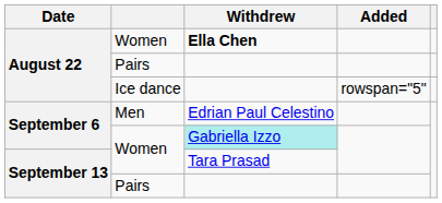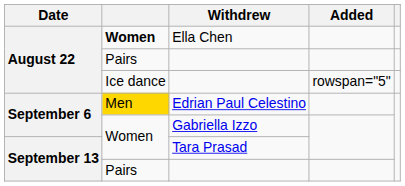 <table class="wikitable unsortable" style="text-align:left;">
 <tr>
 <th scope="col">Date</th>
 <th scope="col"></th>
 <th scope="col">Withdrew</th>
 <th scope="col">Added</th>
 <th scope="col"></th>
 </tr>
 <tr>
 <th rowspan="3" scope="row" style="text-align:left">August 22</th>
-<td>Women</td>
-<td><strong> Ella Chen</strong></td>
+<td><strong>Women</strong></td>
+<td> Ella Chen</td>
 <td></td>
 <td></td>
 </tr>
 <tr>
 <td>Pairs</td>
 <td></td>
 <td></td>
 <td></td>
 </tr>
 <tr>
 <td>Ice dance</td>
 <td></td>
 <td>rowspan="5" </td>
 <td></td>
 </tr>
 <tr>
 <th rowspan="2" scope="row" style="text-align:left">September 6</th>
-<td>Men</td>
+<td style="background: gold;">Men</td>
 <td> <a href='#'>Edrian Paul Celestino</a></td>
 <td></td>
 </tr>
 <tr>
 <td rowspan="2">Women</td>
-<td style="background: paleturquoise;"> <a href='#'>Gabriella Izzo</a></td>
+<td> <a href='#'>Gabriella Izzo</a></td>
 <td rowspan="2"></td>
 </tr>
 <tr>
 <th rowspan="2" scope="row" style="text-align:left">September 13</th>
 <td> <a href='#'>Tara Prasad</a></td>
 </tr>
 <tr>
 <td>Pairs</td>
 <td></td>
 <td></td>
 </tr>
 </table>
